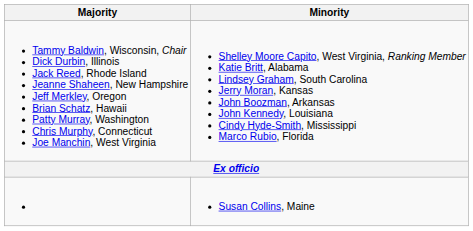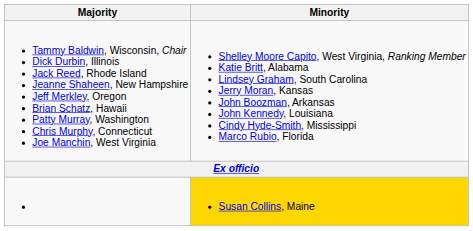 <table class=wikitable>
 <tr>
 <th>Majority</th>
 <th>Minority</th>
 </tr>
 <tr>
 <td><br><ul><li><a href='#'>Tammy Baldwin</a>, Wisconsin, <em>Chair</em></li><li><a href='#'>Dick Durbin</a>, Illinois</li><li><a href='#'>Jack Reed</a>, Rhode Island</li><li><a href='#'>Jeanne Shaheen</a>, New Hampshire</li><li><a href='#'>Jeff Merkley</a>, Oregon</li><li><a href='#'>Brian Schatz</a>, Hawaii</li><li><a href='#'>Patty Murray</a>, Washington</li><li><a href='#'>Chris Murphy</a>, Connecticut</li><li><a href='#'>Joe Manchin</a>, West Virginia</li></ul></td>
 <td><br><ul><li><a href='#'>Shelley Moore Capito</a>, West Virginia, <em>Ranking Member</em></li><li><a href='#'>Katie Britt</a>, Alabama</li><li><a href='#'>Lindsey Graham</a>, South Carolina</li><li><a href='#'>Jerry Moran</a>, Kansas</li><li><a href='#'>John Boozman</a>, Arkansas</li><li><a href='#'>John Kennedy</a>, Louisiana</li><li><a href='#'>Cindy Hyde-Smith</a>, Mississippi</li><li><a href='#'>Marco Rubio</a>, Florida</li></ul></td>
 </tr>
 <tr>
 <th colspan=2 align=center><em><a href='#'>Ex officio</a></em></th>
 </tr>
 <tr>
 <td><br><ul><li></li></ul></td>
-<td><br><ul><li><a href='#'>Susan Collins</a>, Maine</li></ul></td>
+<td style="background: gold;"><br><ul><li><a href='#'>Susan Collins</a>, Maine</li></ul></td>
 </tr>
 </table>
